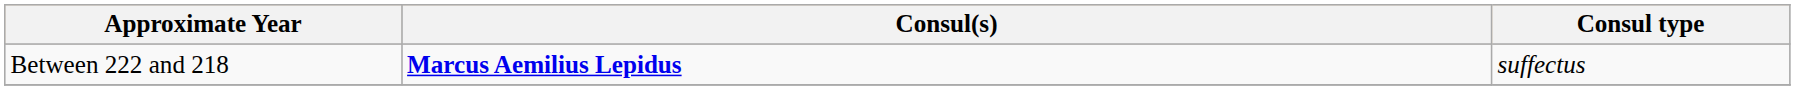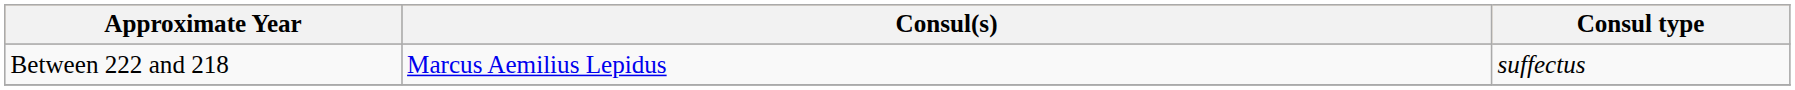 <table class="wikitable"  width="90%">
 <tr bgcolor="#FFDEAD">
 <th width="20%">Approximate Year</th>
 <th width="55%">Consul(s)</th>
 <th width="15%">Consul type</th>
 </tr>
 <tr>
 <td>Between 222 and 218</td>
-<td><strong><a href='#'>Marcus Aemilius Lepidus</a></strong></td>
+<td><a href='#'>Marcus Aemilius Lepidus</a></td>
 <td><em>suffectus</em></td>
 </tr>
 <tr>
 </tr>
 </table>
